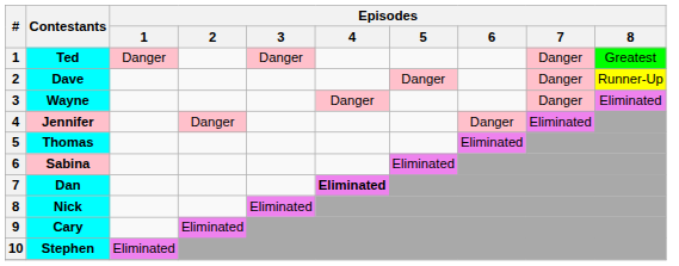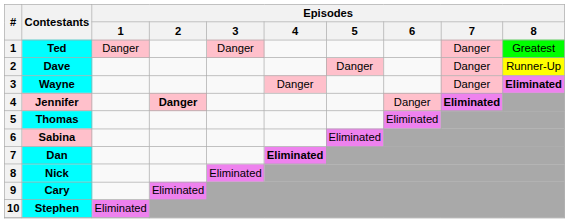 <table class="wikitable" style="text-align:center">
 <tr>
 <th rowspan=2>#</th>
 <th rowspan=2>Contestants</th>
 <th colspan=8>Episodes</th>
 </tr>
 <tr>
 <th>1</th>
 <th>2</th>
 <th>3</th>
 <th>4</th>
 <th>5</th>
 <th>6</th>
 <th>7</th>
 <th>8</th>
 </tr>
 <tr>
 <th>1</th>
 <td bgcolor="cyan"><strong>Ted</strong></td>
 <td bgcolor="pink">Danger</td>
 <td></td>
 <td bgcolor="pink">Danger</td>
 <td></td>
 <td></td>
 <td></td>
 <td bgcolor="pink">Danger</td>
 <td bgcolor="lime">Greatest</td>
 </tr>
 <tr>
 <th>2</th>
 <td bgcolor="cyan"><strong>Dave</strong></td>
 <td></td>
 <td></td>
 <td></td>
 <td></td>
 <td bgcolor="pink">Danger</td>
 <td></td>
 <td bgcolor="pink">Danger</td>
 <td bgcolor="yellow">Runner-Up</td>
 </tr>
 <tr>
 <th>3</th>
 <td bgcolor="cyan"><strong>Wayne</strong></td>
 <td></td>
 <td></td>
 <td></td>
 <td bgcolor="pink">Danger</td>
 <td></td>
 <td></td>
 <td bgcolor="pink">Danger</td>
-<td bgcolor="violet">Eliminated</td>
+<td bgcolor="violet"><strong>Eliminated</strong></td>
 </tr>
 <tr>
 <th>4</th>
 <td bgcolor="pink"><strong>Jennifer</strong></td>
 <td></td>
-<td bgcolor="pink">Danger</td>
+<td bgcolor="pink"><strong>Danger</strong></td>
 <td></td>
 <td></td>
 <td></td>
 <td bgcolor="pink">Danger</td>
-<td bgcolor="violet">Eliminated</td>
+<td bgcolor="violet"><strong>Eliminated</strong></td>
 <td bgcolor="darkgrey" colspan=12></td>
 </tr>
 <tr>
 <th>5</th>
 <td bgcolor="cyan"><strong>Thomas</strong></td>
 <td></td>
 <td></td>
 <td></td>
 <td></td>
 <td></td>
 <td bgcolor="violet">Eliminated</td>
 <td bgcolor="darkgrey" colspan=12></td>
 </tr>
 <tr>
 <th>6</th>
 <td bgcolor="pink"><strong>Sabina</strong></td>
 <td></td>
 <td></td>
 <td></td>
 <td></td>
 <td bgcolor="violet">Eliminated</td>
 <td bgcolor="darkgrey" colspan=12></td>
 </tr>
 <tr>
 <th>7</th>
 <td bgcolor="cyan"><strong>Dan</strong></td>
 <td></td>
 <td></td>
 <td></td>
 <td bgcolor="violet"><strong>Eliminated</strong></td>
 <td bgcolor="darkgrey" colspan=12></td>
 </tr>
 <tr>
 <th>8</th>
 <td bgcolor="cyan"><strong>Nick</strong></td>
 <td></td>
 <td></td>
 <td bgcolor="violet">Eliminated</td>
 <td bgcolor="darkgrey" colspan=12></td>
 </tr>
 <tr>
 <th>9</th>
 <td bgcolor="cyan"><strong>Cary</strong></td>
 <td></td>
 <td bgcolor="violet">Eliminated</td>
 <td bgcolor="darkgrey" colspan=12></td>
 </tr>
 <tr>
 <th>10</th>
 <td bgcolor="cyan"><strong>Stephen</strong></td>
 <td bgcolor="violet">Eliminated</td>
 <td bgcolor="darkgrey" colspan=12></td>
 </tr>
 <tr>
 </tr>
 </table>
